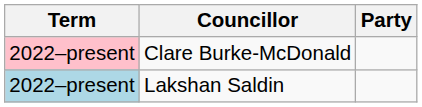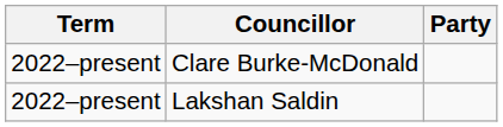 <table class="wikitable">
 <tr>
 <th>Term</th>
 <th>Councillor</th>
 <th colspan=2>Party</th>
 </tr>
 <tr>
-<td style="background: pink;">2022–present</td>
+<td>2022–present</td>
 <td>Clare Burke-McDonald</td>
 <td></td>
 </tr>
 <tr>
-<td style="background: lightblue;">2022–present</td>
+<td>2022–present</td>
 <td>Lakshan Saldin</td>
 <td></td>
 </tr>
 </table>
